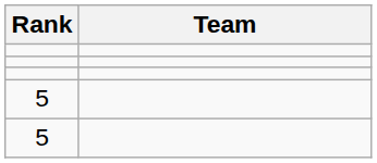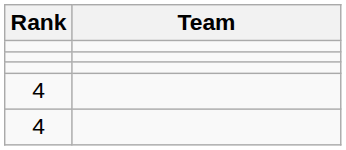 <table class=wikitable style="text-align:center;">
 <tr>
 <th width=40>Rank</th>
 <th width=180>Team</th>
 </tr>
 <tr>
 <td></td>
 <td align=left></td>
 </tr>
 <tr>
 <td></td>
 <td align=left></td>
 </tr>
 <tr>
 <td></td>
 <td align=left></td>
 </tr>
 <tr>
-<td>5</td>
+<td>4</td>
 <td align=left></td>
 </tr>
 <tr>
-<td>5</td>
+<td>4</td>
 <td align=left></td>
 </tr>
 </table>
